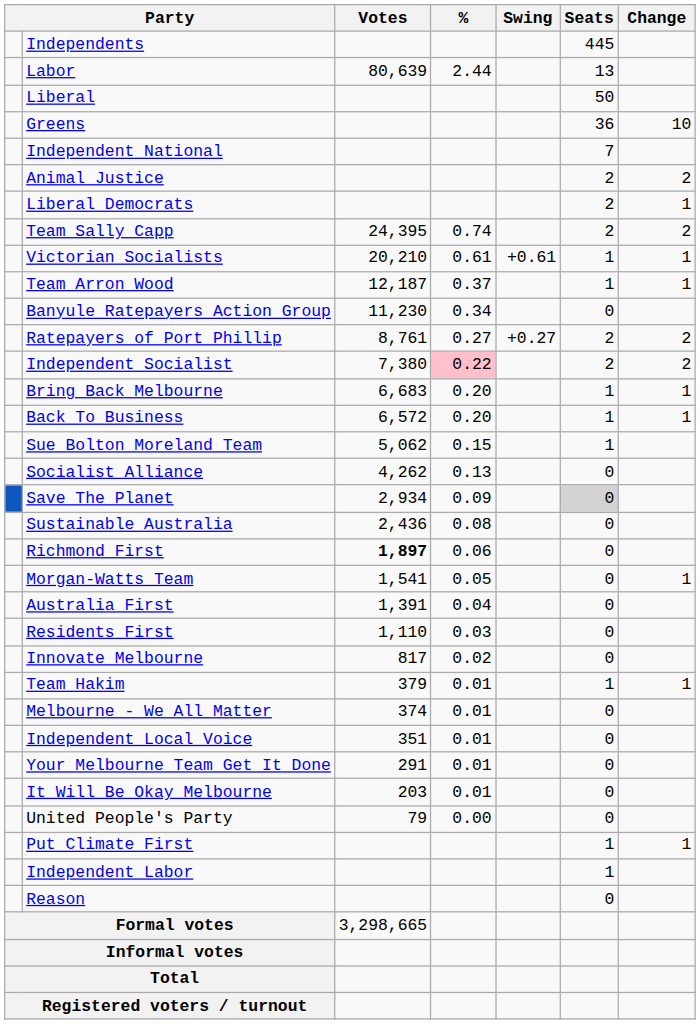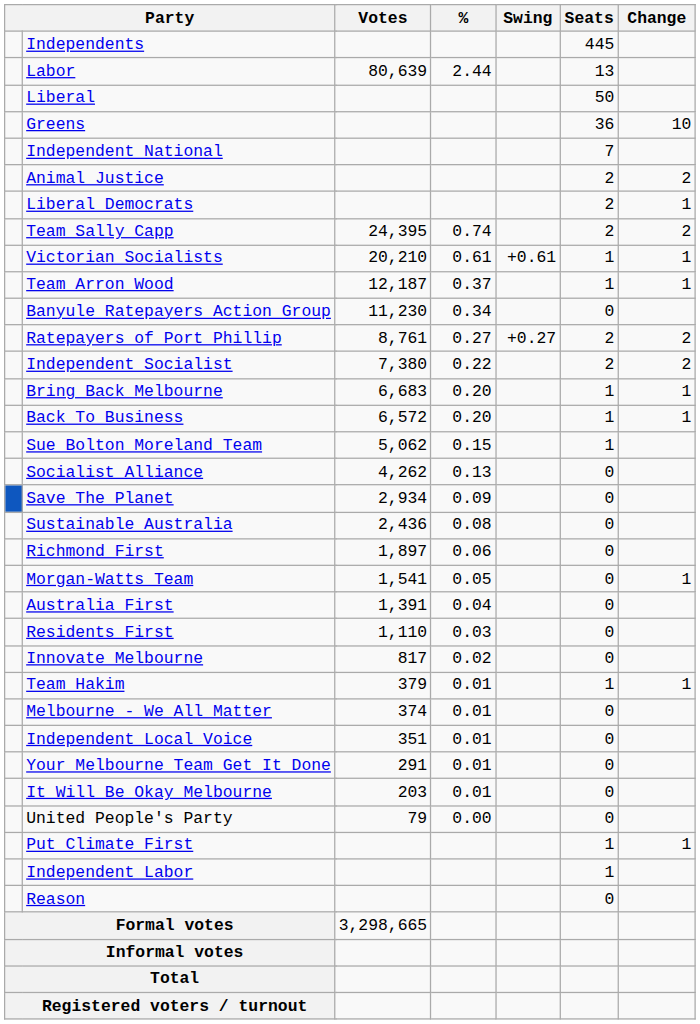 <table class="wikitable" style="text-align:right; margin-bottom:0">
 <tr>
 <th style="width:10px;" colspan=3>Party</th>
 <th style="width:70px;">Votes</th>
 <th style="width:40px;">%</th>
 <th style="width:40px;">Swing</th>
 <th style="width:40px;">Seats</th>
 <th style="width:40px;">Change</th>
 </tr>
 <tr>
 <td> </td>
 <td style="text-align:left;" colspan="2"><a href='#'>Independents</a></td>
 <td></td>
 <td></td>
 <td></td>
 <td>445</td>
 <td></td>
 </tr>
 <tr>
 <td> </td>
 <td style="text-align:left;" colspan="2"><a href='#'>Labor</a></td>
 <td style="width:70px;">80,639</td>
 <td style="width:45px;">2.44</td>
 <td style="width:45px;"></td>
 <td style="width:40px;">13</td>
 <td style="width:55px;"></td>
 </tr>
 <tr>
 <td> </td>
 <td style="text-align:left;" colspan="2"><a href='#'>Liberal</a></td>
 <td></td>
 <td></td>
 <td></td>
 <td>50</td>
 <td></td>
 </tr>
 <tr>
 <td> </td>
 <td style="text-align:left;" colspan="2"><a href='#'>Greens</a></td>
 <td></td>
 <td></td>
 <td></td>
 <td>36</td>
 <td> 10</td>
 </tr>
 <tr>
 <td> </td>
 <td style="text-align:left;" colspan="2"><a href='#'>Independent National</a></td>
 <td></td>
 <td></td>
 <td></td>
 <td>7</td>
 <td></td>
 </tr>
 <tr>
 <td> </td>
 <td style="text-align:left;" colspan="2"><a href='#'>Animal Justice</a></td>
 <td></td>
 <td></td>
 <td></td>
 <td>2</td>
 <td> 2</td>
 </tr>
 <tr>
 <td> </td>
 <td style="text-align:left;" colspan="2"><a href='#'>Liberal Democrats</a></td>
 <td></td>
 <td></td>
 <td></td>
 <td>2</td>
 <td> 1</td>
 </tr>
 <tr>
 <td> </td>
 <td style="text-align:left;" colspan="2"><a href='#'>Team Sally Capp</a></td>
 <td>24,395</td>
 <td>0.74</td>
 <td></td>
 <td>2</td>
 <td> 2</td>
 </tr>
 <tr>
 <td> </td>
 <td style="text-align:left;" colspan="2"><a href='#'>Victorian Socialists</a></td>
 <td>20,210</td>
 <td>0.61</td>
 <td>+0.61</td>
 <td>1</td>
 <td> 1</td>
 </tr>
 <tr>
 <td> </td>
 <td style="text-align:left;" colspan="2"><a href='#'>Team Arron Wood</a></td>
 <td>12,187</td>
 <td>0.37</td>
 <td></td>
 <td>1</td>
 <td> 1</td>
 </tr>
 <tr>
 <td> </td>
 <td style="text-align:left;" colspan="2"><a href='#'>Banyule Ratepayers Action Group</a></td>
 <td>11,230</td>
 <td>0.34</td>
 <td></td>
 <td>0</td>
 <td></td>
 </tr>
 <tr>
 <td> </td>
 <td style="text-align:left;" colspan="2"><a href='#'>Ratepayers of Port Phillip</a></td>
 <td>8,761</td>
 <td>0.27</td>
 <td>+0.27</td>
 <td>2</td>
 <td> 2</td>
 </tr>
 <tr>
 <td> </td>
 <td style="text-align:left;" colspan="2"><a href='#'>Independent Socialist</a></td>
 <td>7,380</td>
-<td style="background: pink;">0.22</td>
+<td>0.22</td>
 <td></td>
 <td>2</td>
 <td> 2</td>
 </tr>
 <tr>
 <td> </td>
 <td style="text-align:left;" colspan="2"><a href='#'>Bring Back Melbourne</a></td>
 <td>6,683</td>
 <td>0.20</td>
 <td></td>
 <td>1</td>
 <td> 1</td>
 </tr>
 <tr>
 <td> </td>
 <td style="text-align:left;" colspan="2"><a href='#'>Back To Business</a></td>
 <td>6,572</td>
 <td>0.20</td>
 <td></td>
 <td>1</td>
 <td> 1</td>
 </tr>
 <tr>
 <td> </td>
 <td style="text-align:left;" colspan="2"><a href='#'>Sue Bolton Moreland Team</a></td>
 <td>5,062</td>
 <td>0.15</td>
 <td></td>
 <td>1</td>
 <td></td>
 </tr>
 <tr>
 <td> </td>
 <td style="text-align:left;" colspan="2"><a href='#'>Socialist Alliance</a></td>
 <td>4,262</td>
 <td>0.13</td>
 <td></td>
 <td>0</td>
 <td></td>
 </tr>
 <tr>
 <td bgcolor="#0E57BF"> </td>
 <td style="text-align:left;" colspan="2"><a href='#'>Save The Planet</a></td>
 <td>2,934</td>
 <td>0.09</td>
 <td></td>
-<td style="background: lightgrey;">0</td>
+<td>0</td>
 <td></td>
 </tr>
 <tr>
 <td> </td>
 <td style="text-align:left;" colspan="2"><a href='#'>Sustainable Australia</a></td>
 <td>2,436</td>
 <td>0.08</td>
 <td></td>
 <td>0</td>
 <td></td>
 </tr>
 <tr>
 <td> </td>
 <td style="text-align:left;" colspan="2"><a href='#'>Richmond First</a></td>
-<td><strong>1,897</strong></td>
+<td>1,897</td>
 <td>0.06</td>
 <td></td>
 <td>0</td>
 <td></td>
 </tr>
 <tr>
 <td> </td>
 <td style="text-align:left;" colspan="2"><a href='#'>Morgan-Watts Team</a></td>
 <td>1,541</td>
 <td>0.05</td>
 <td></td>
 <td>0</td>
 <td> 1</td>
 </tr>
 <tr>
 <td> </td>
 <td style="text-align:left;" colspan="2"><a href='#'>Australia First</a></td>
 <td>1,391</td>
 <td>0.04</td>
 <td></td>
 <td>0</td>
 <td></td>
 </tr>
 <tr>
 <td> </td>
 <td style="text-align:left;" colspan="2"><a href='#'>Residents First</a></td>
 <td>1,110</td>
 <td>0.03</td>
 <td></td>
 <td>0</td>
 <td></td>
 </tr>
 <tr>
 <td> </td>
 <td style="text-align:left;" colspan="2"><a href='#'>Innovate Melbourne</a></td>
 <td>817</td>
 <td>0.02</td>
 <td></td>
 <td>0</td>
 <td></td>
 </tr>
 <tr>
 <td> </td>
 <td style="text-align:left;" colspan="2"><a href='#'>Team Hakim</a></td>
 <td>379</td>
 <td>0.01</td>
 <td></td>
 <td>1</td>
 <td> 1</td>
 </tr>
 <tr>
 <td> </td>
 <td style="text-align:left;" colspan="2"><a href='#'>Melbourne - We All Matter</a></td>
 <td>374</td>
 <td>0.01</td>
 <td></td>
 <td>0</td>
 <td></td>
 </tr>
 <tr>
 <td> </td>
 <td style="text-align:left;" colspan="2"><a href='#'>Independent Local Voice</a></td>
 <td>351</td>
 <td>0.01</td>
 <td></td>
 <td>0</td>
 <td></td>
 </tr>
 <tr>
 <td> </td>
 <td style="text-align:left;" colspan="2"><a href='#'>Your Melbourne Team Get It Done</a></td>
 <td>291</td>
 <td>0.01</td>
 <td></td>
 <td>0</td>
 <td></td>
 </tr>
 <tr>
 <td> </td>
 <td style="text-align:left;" colspan="2"><a href='#'>It Will Be Okay Melbourne</a></td>
 <td>203</td>
 <td>0.01</td>
 <td></td>
 <td>0</td>
 <td></td>
 </tr>
 <tr>
 <td> </td>
 <td style="text-align:left;" colspan="2">United People's Party</td>
 <td>79</td>
 <td>0.00</td>
 <td></td>
 <td>0</td>
 <td></td>
 </tr>
 <tr>
 <td> </td>
 <td style="text-align:left;" colspan="2"><a href='#'>Put Climate First</a></td>
 <td></td>
 <td></td>
 <td></td>
 <td>1</td>
 <td> 1</td>
 </tr>
 <tr>
 <td> </td>
 <td style="text-align:left;" colspan="2"><a href='#'>Independent Labor</a></td>
 <td></td>
 <td></td>
 <td></td>
 <td>1</td>
 <td></td>
 </tr>
 <tr>
 <td> </td>
 <td style="text-align:left;" colspan="2"><a href='#'>Reason</a></td>
 <td></td>
 <td></td>
 <td></td>
 <td>0</td>
 <td></td>
 </tr>
 <tr>
 <th colspan="3"> Formal votes</th>
 <td>3,298,665</td>
 <td></td>
 <td></td>
 <td></td>
 <td></td>
 </tr>
 <tr>
 <th colspan="3"> Informal votes</th>
 <td></td>
 <td></td>
 <td></td>
 <td></td>
 <td></td>
 </tr>
 <tr>
 <th colspan="3"> Total</th>
 <td></td>
 <td></td>
 <td></td>
 <td></td>
 <td></td>
 </tr>
 <tr>
 <th colspan="3"> Registered voters / turnout</th>
 <td></td>
 <td></td>
 <td></td>
 <td></td>
 <td></td>
 </tr>
 </table>
